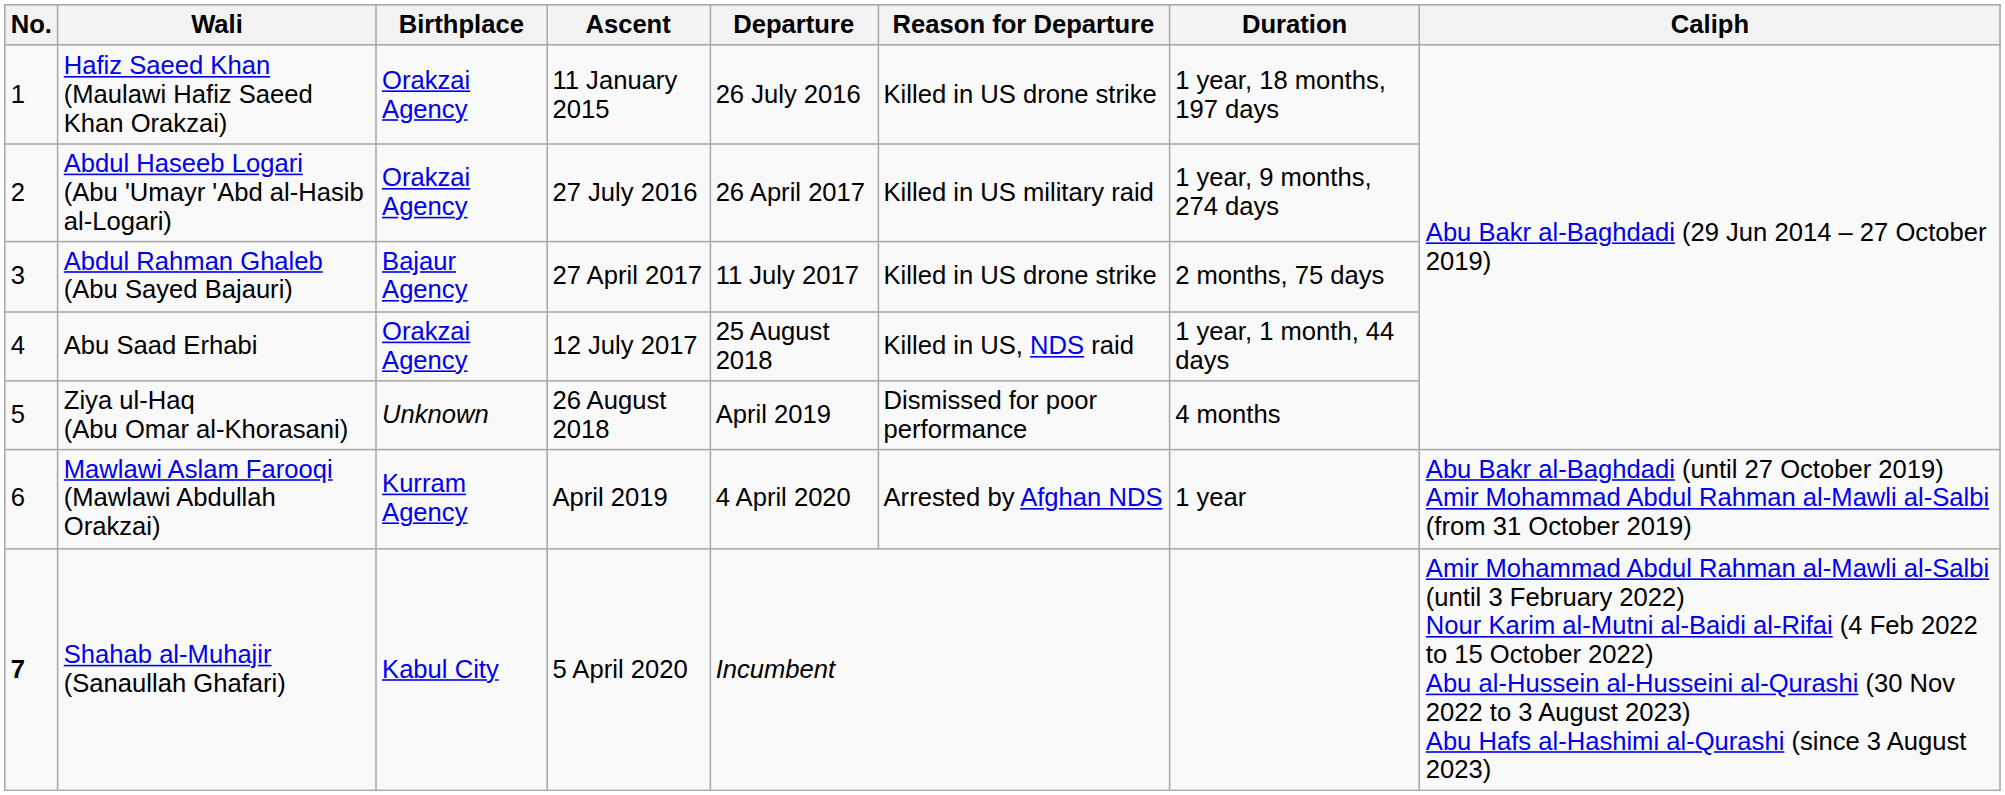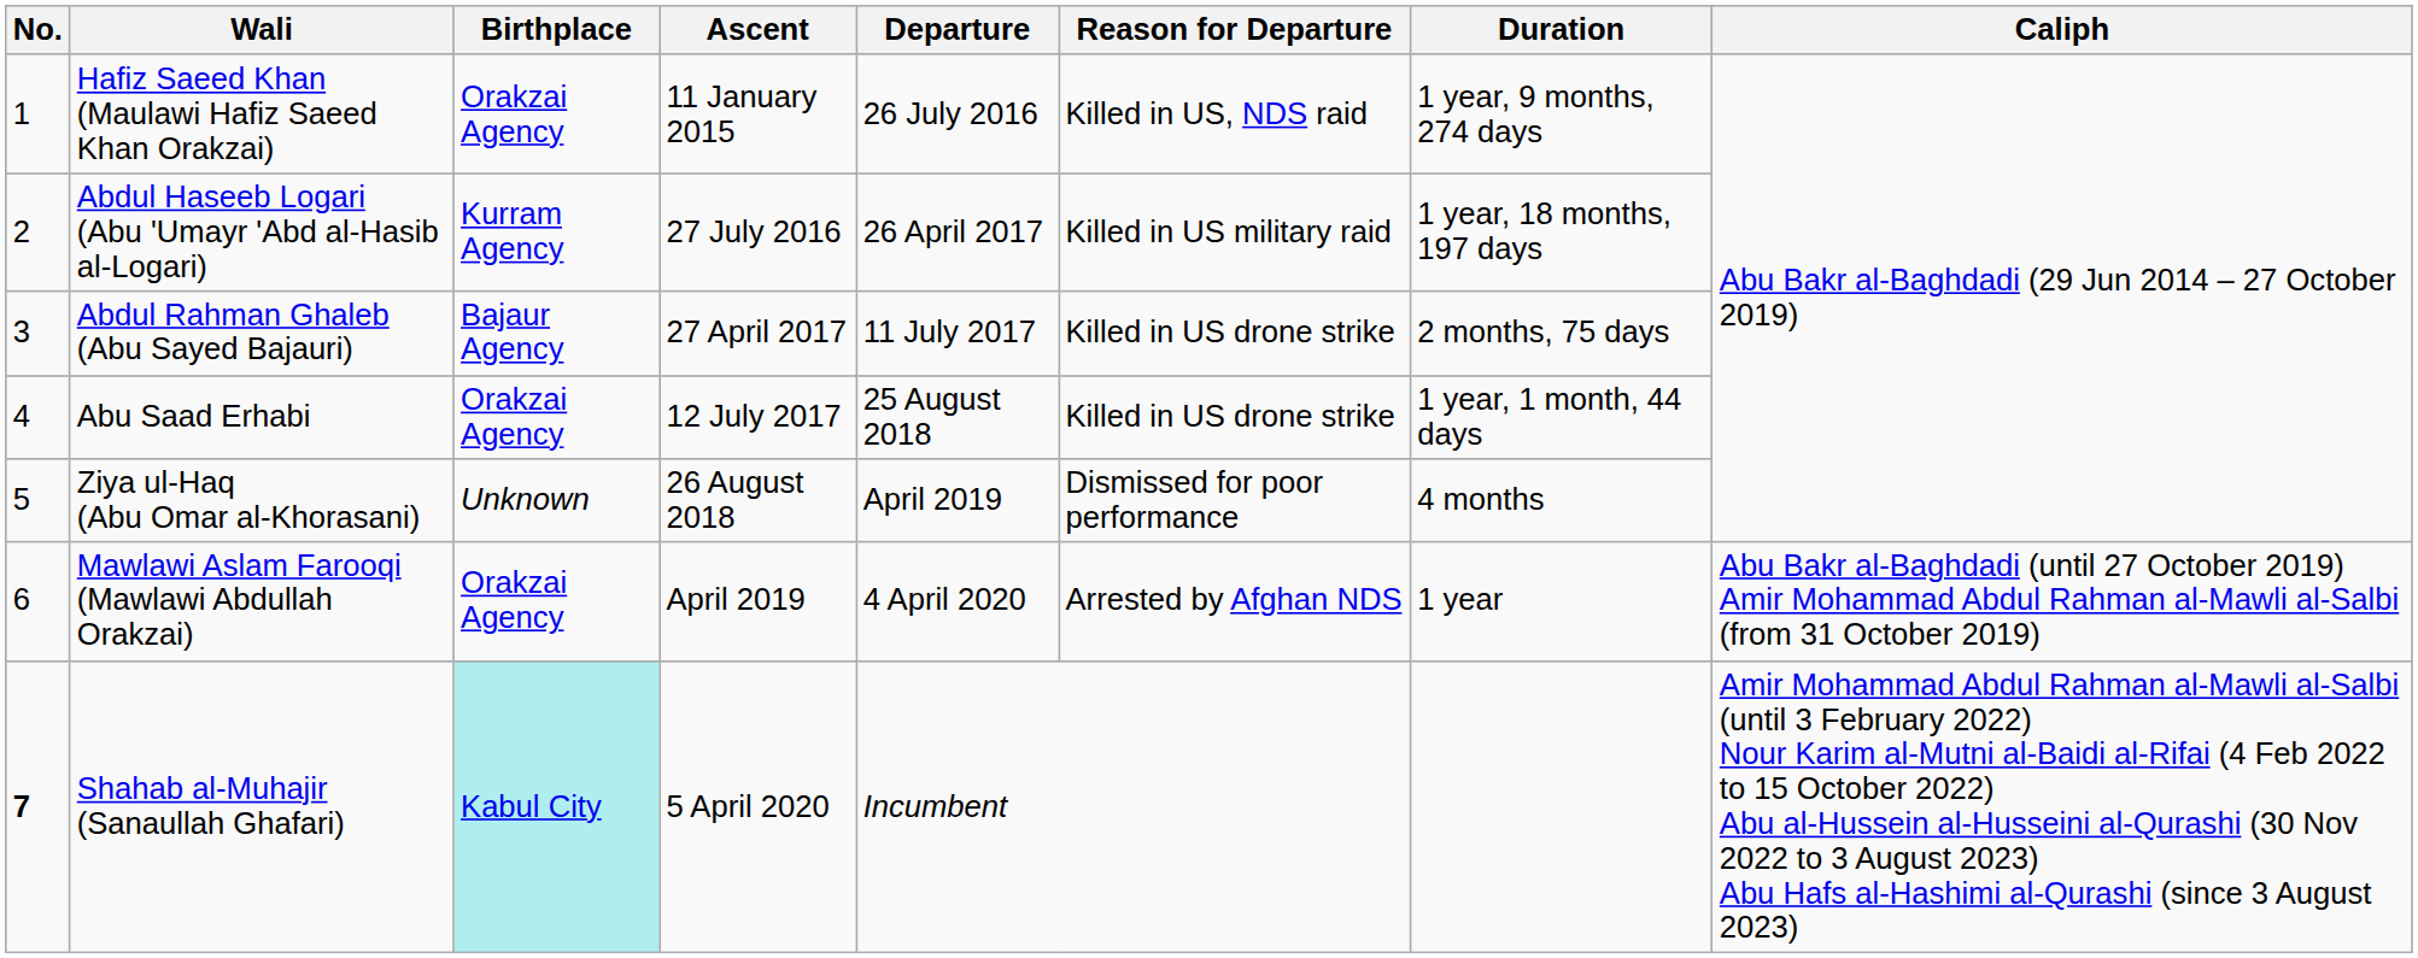 <table class="wikitable">
 <tr>
 <th>No.</th>
 <th>Wali</th>
 <th>Birthplace</th>
 <th>Ascent</th>
 <th>Departure</th>
 <th>Reason for Departure</th>
 <th>Duration</th>
 <th>Caliph</th>
 </tr>
 <tr>
 <td>1</td>
 <td><a href='#'>Hafiz Saeed Khan</a><br>(Maulawi Hafiz Saeed Khan Orakzai)</td>
 <td> <a href='#'>Orakzai Agency</a></td>
 <td>11 January 2015</td>
 <td>26 July 2016</td>
-<td>Killed in US drone strike</td>
-<td>1 year, 18 months, 197 days</td>
+<td>Killed in US, <a href='#'>NDS</a> raid</td>
+<td>1 year, 9 months, 274 days</td>
 <td rowspan="5"><a href='#'>Abu Bakr al-Baghdadi</a> (29 Jun 2014 – 27 October 2019)</td>
 </tr>
 <tr>
 <td>2</td>
 <td><a href='#'>Abdul Haseeb Logari</a><br>(Abu 'Umayr 'Abd al-Hasib al-Logari)</td>
-<td> <a href='#'>Orakzai Agency</a></td>
+<td> <a href='#'>Kurram Agency</a></td>
 <td>27 July 2016</td>
 <td>26 April 2017</td>
 <td>Killed in US military raid</td>
-<td>1 year, 9 months, 274 days</td>
+<td>1 year, 18 months, 197 days</td>
 </tr>
 <tr>
 <td>3</td>
 <td><a href='#'>Abdul Rahman Ghaleb</a><br>(Abu Sayed Bajauri)</td>
 <td> <a href='#'>Bajaur Agency</a></td>
 <td>27 April 2017</td>
 <td>11 July 2017</td>
 <td>Killed in US drone strike</td>
 <td>2 months, 75 days</td>
 </tr>
 <tr>
 <td>4</td>
 <td>Abu Saad Erhabi</td>
 <td> <a href='#'>Orakzai Agency</a></td>
 <td>12 July 2017</td>
 <td>25 August 2018</td>
-<td>Killed in US, <a href='#'>NDS</a> raid</td>
+<td>Killed in US drone strike</td>
 <td>1 year, 1 month, 44 days</td>
 </tr>
 <tr>
 <td>5</td>
 <td>Ziya ul-Haq<br>(Abu Omar al-Khorasani)</td>
 <td><em>Unknown</em></td>
 <td>26 August 2018</td>
 <td>April 2019</td>
 <td>Dismissed for poor performance</td>
 <td>4 months</td>
 </tr>
 <tr>
 <td>6</td>
 <td><a href='#'>Mawlawi Aslam Farooqi</a><br>(Mawlawi Abdullah Orakzai)</td>
-<td> <a href='#'>Kurram Agency</a></td>
+<td> <a href='#'>Orakzai Agency</a></td>
 <td>April 2019</td>
 <td>4 April 2020</td>
 <td>Arrested by <a href='#'>Afghan NDS</a></td>
 <td>1 year</td>
 <td><a href='#'>Abu Bakr al-Baghdadi</a> (until 27 October 2019)<br><a href='#'>Amir Mohammad Abdul Rahman al-Mawli al-Salbi</a> (from 31 October 2019)</td>
 </tr>
 <tr>
 <td><strong>7</strong></td>
 <td><a href='#'>Shahab al-Muhajir</a><br>(Sanaullah Ghafari)</td>
-<td> <a href='#'>Kabul City</a></td>
+<td style="background: paleturquoise;"> <a href='#'>Kabul City</a></td>
 <td>5 April 2020</td>
 <td colspan="2"><em>Incumbent</em></td>
 <td></td>
 <td><a href='#'>Amir Mohammad Abdul Rahman al-Mawli al-Salbi</a> (until 3 February 2022)<br><a href='#'>Nour Karim al-Mutni al-Baidi al-Rifai</a> (4 Feb 2022 to 15 October 2022)<br><a href='#'>Abu al-Hussein al-Husseini al-Qurashi</a> (30 Nov 2022 to 3 August 2023)<br><a href='#'>Abu Hafs al-Hashimi al-Qurashi</a> (since 3 August 2023)</td>
 </tr>
 </table>
